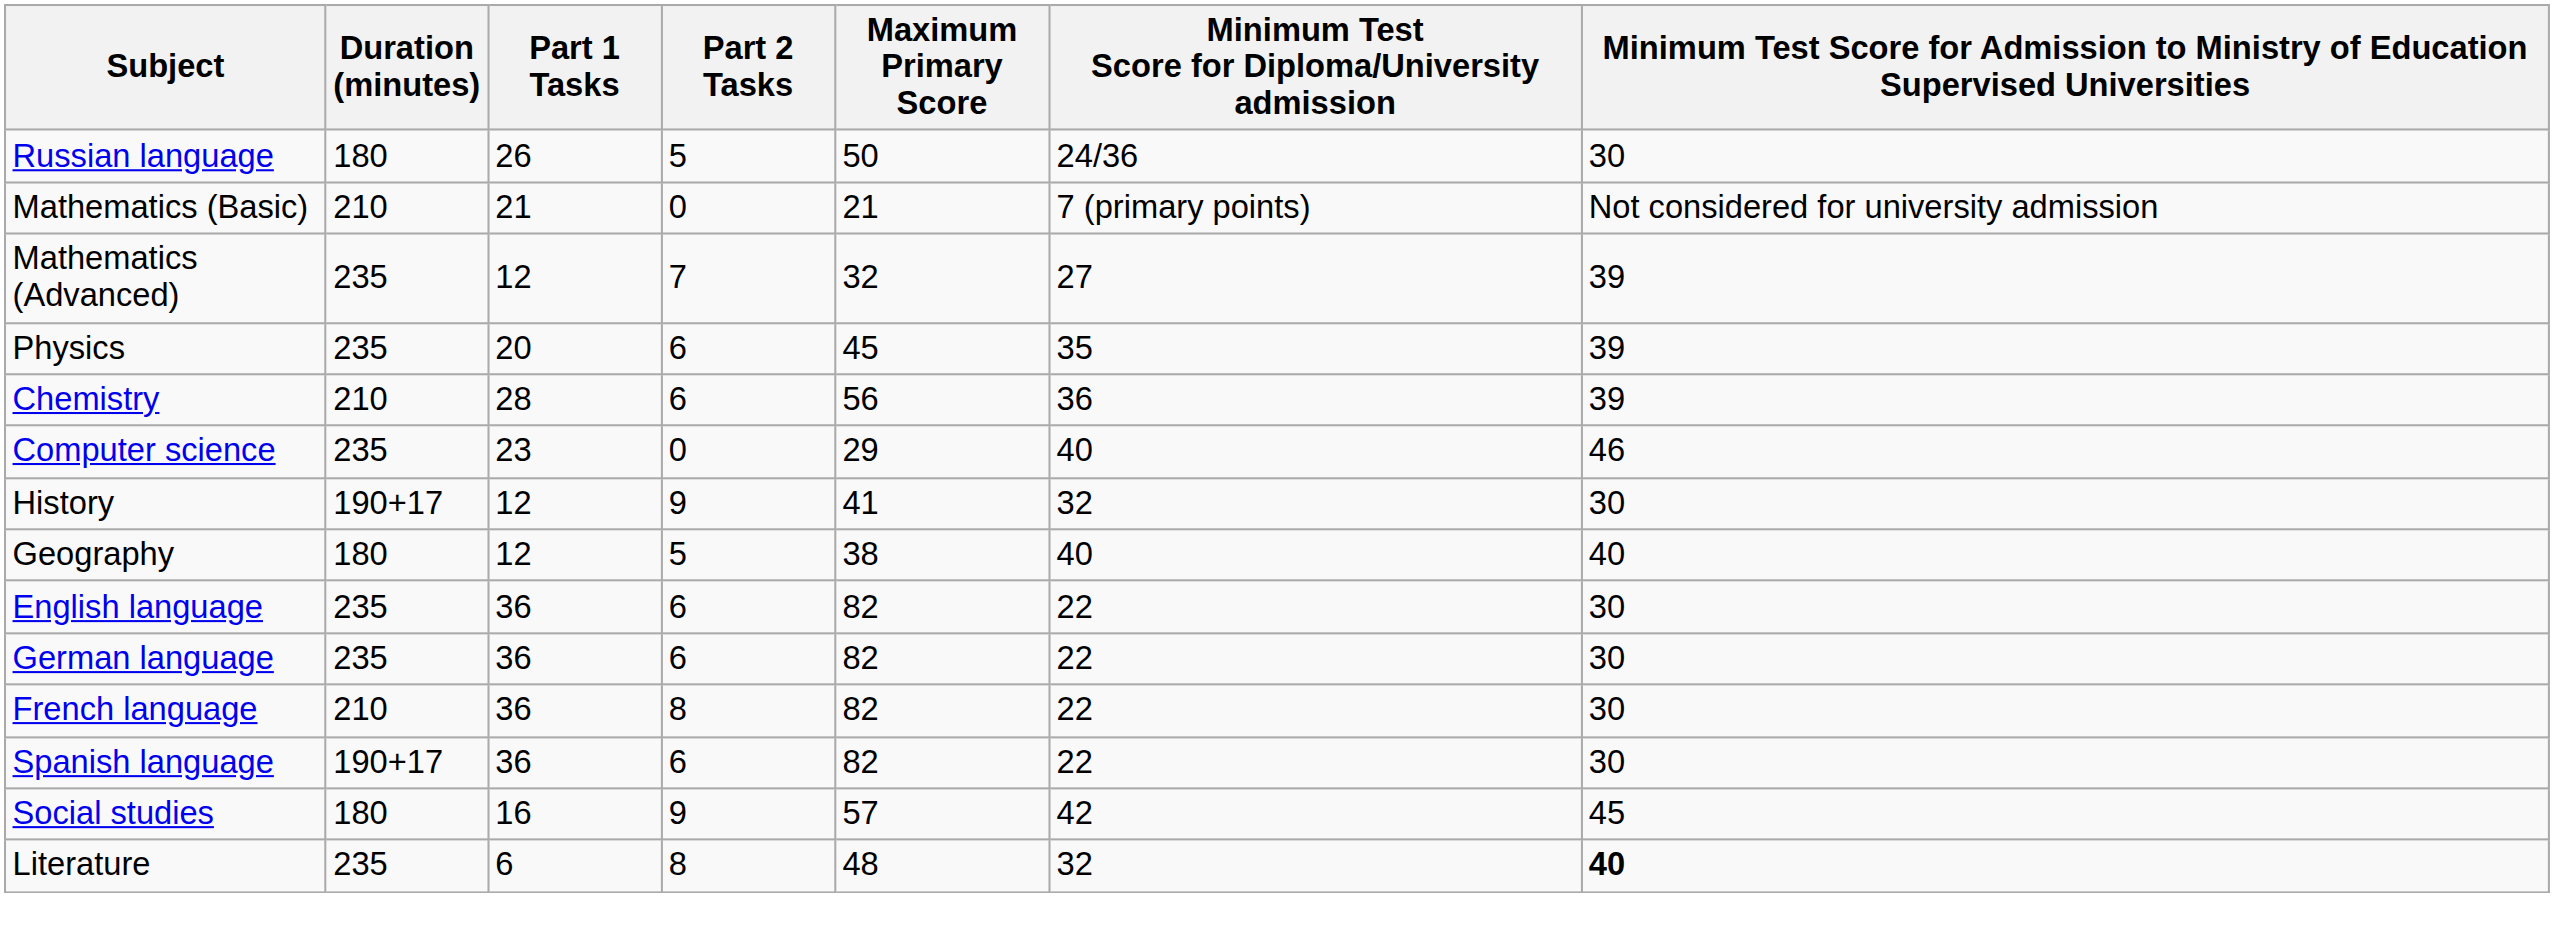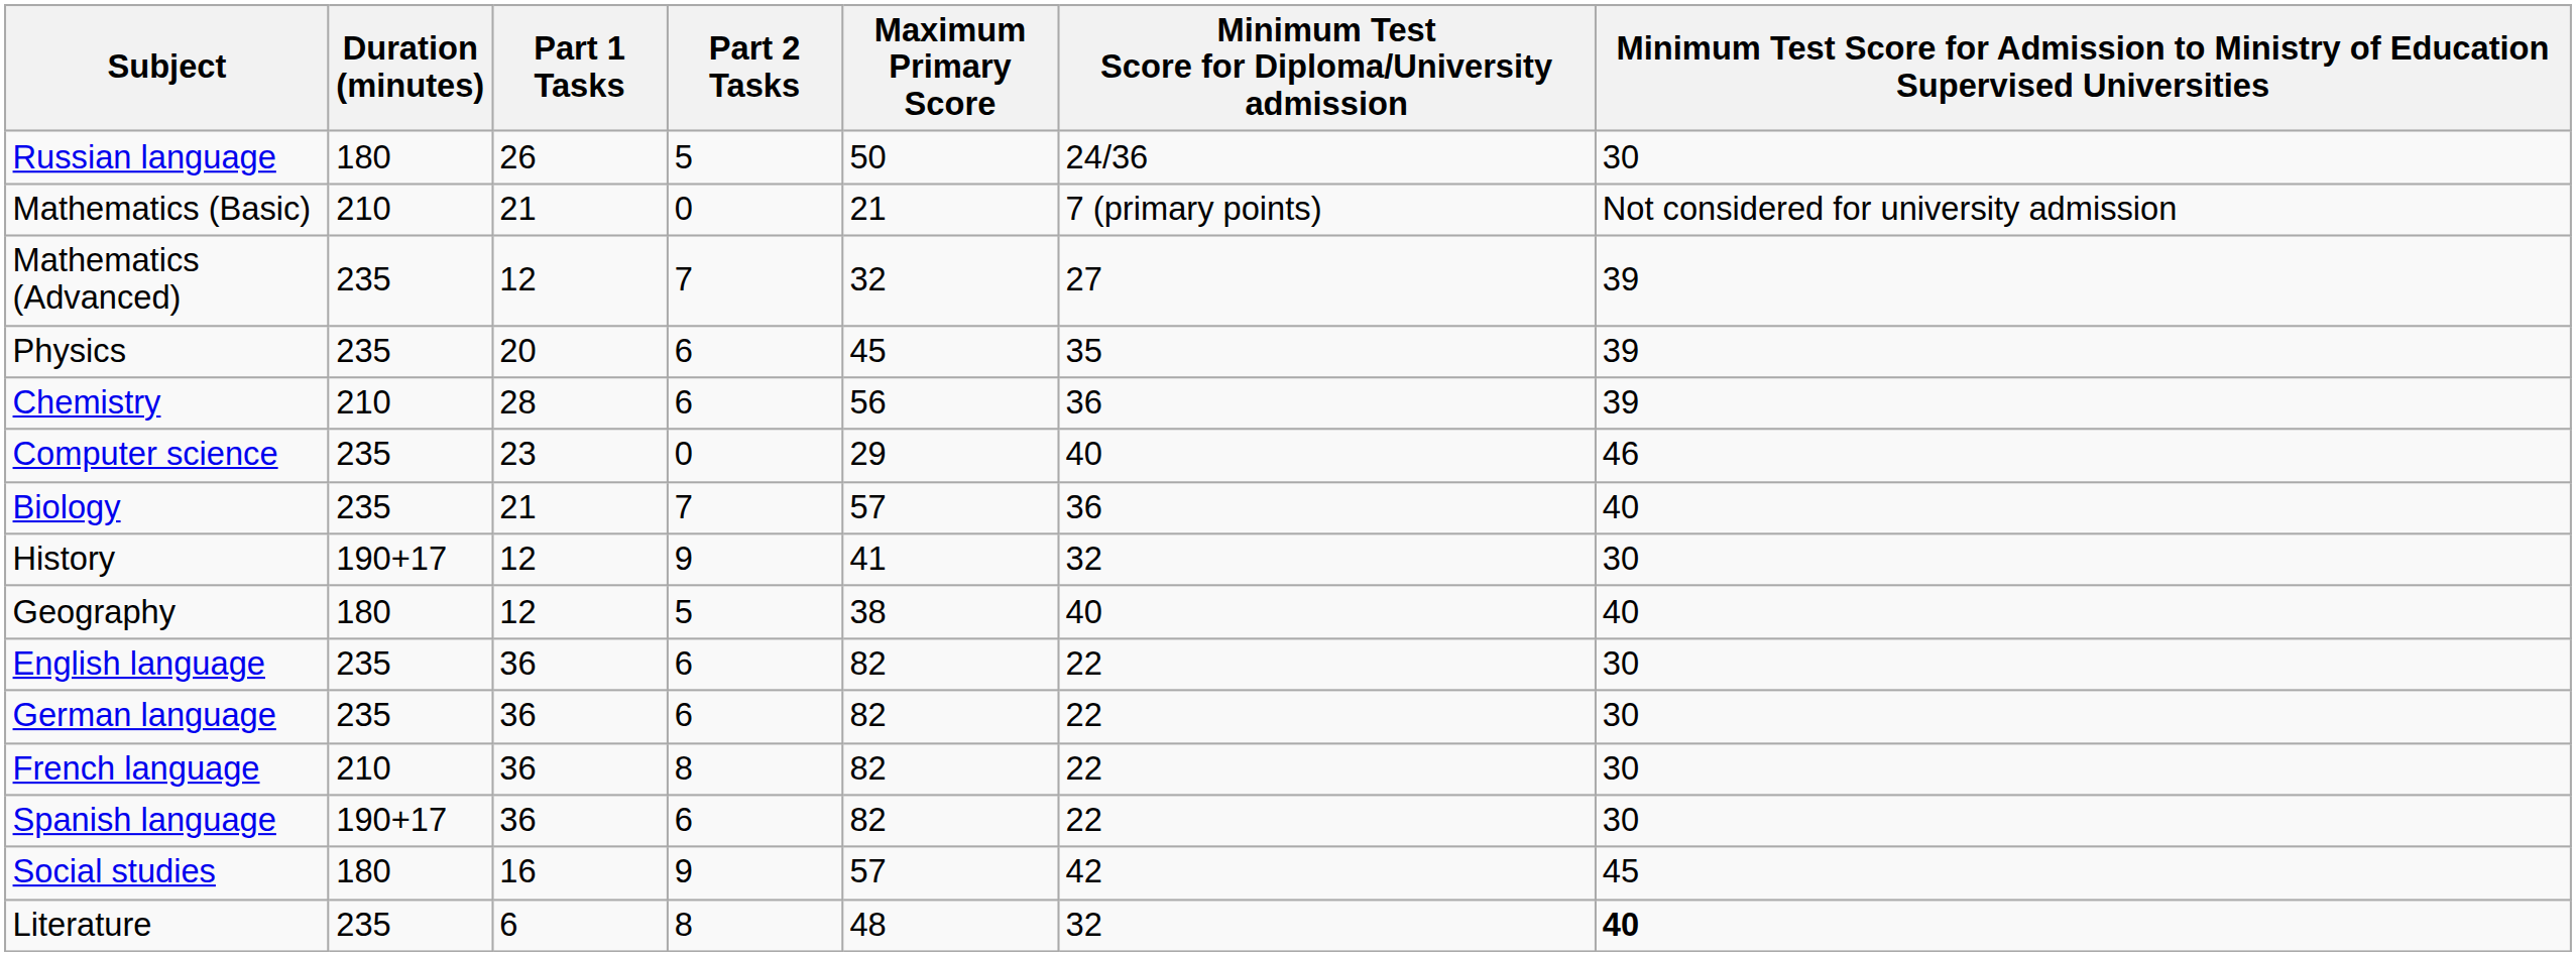 <table class="wikitable">
 <tr>
 <th>Subject</th>
 <th>Duration<br>(minutes)</th>
 <th>Part 1 Tasks</th>
 <th>Part 2 Tasks</th>
 <th>Maximum<br>Primary Score</th>
 <th>Minimum Test<br>Score for Diploma/University admission</th>
 <th>Minimum Test Score for Admission to Ministry of Education Supervised Universities</th>
 </tr>
 <tr>
 <td><a href='#'>Russian language</a></td>
 <td>180</td>
 <td>26</td>
 <td>5</td>
 <td>50</td>
 <td>24/36</td>
 <td>30</td>
 </tr>
 <tr>
 <td>Mathematics (Basic)</td>
 <td>210</td>
 <td>21</td>
 <td>0</td>
 <td>21</td>
 <td>7 (primary points)</td>
 <td>Not considered for university admission</td>
 </tr>
 <tr>
 <td>Mathematics (Advanced)</td>
 <td>235</td>
 <td>12</td>
 <td>7</td>
 <td>32</td>
 <td>27</td>
 <td>39</td>
 </tr>
 <tr>
 <td>Physics</td>
 <td>235</td>
 <td>20</td>
 <td>6</td>
 <td>45</td>
 <td>35</td>
 <td>39</td>
 </tr>
 <tr>
 <td><a href='#'>Chemistry</a></td>
 <td>210</td>
 <td>28</td>
 <td>6</td>
 <td>56</td>
 <td>36</td>
 <td>39</td>
 </tr>
 <tr>
 <td><a href='#'>Computer science</a></td>
 <td>235</td>
 <td>23</td>
 <td>0</td>
 <td>29</td>
 <td>40</td>
 <td>46</td>
+</tr>
+<tr>
+<td><a href='#'>Biology</a></td>
+<td>235</td>
+<td>21</td>
+<td>7</td>
+<td>57</td>
+<td>36</td>
+<td>40</td>
 </tr>
 <tr>
 <td>History</td>
 <td>190+17</td>
 <td>12</td>
 <td>9</td>
 <td>41</td>
 <td>32</td>
 <td>30</td>
 </tr>
 <tr>
 <td>Geography</td>
 <td>180</td>
 <td>12</td>
 <td>5</td>
 <td>38</td>
 <td>40</td>
 <td>40</td>
 </tr>
 <tr>
 <td><a href='#'>English language</a></td>
 <td>235</td>
 <td>36</td>
 <td>6</td>
 <td>82</td>
 <td>22</td>
 <td>30</td>
 </tr>
 <tr>
 <td><a href='#'>German language</a></td>
 <td>235</td>
 <td>36</td>
 <td>6</td>
 <td>82</td>
 <td>22</td>
 <td>30</td>
 </tr>
 <tr>
 <td><a href='#'>French language</a></td>
 <td>210</td>
 <td>36</td>
 <td>8</td>
 <td>82</td>
 <td>22</td>
 <td>30</td>
 </tr>
 <tr>
 <td><a href='#'>Spanish language</a></td>
 <td>190+17</td>
 <td>36</td>
 <td>6</td>
 <td>82</td>
 <td>22</td>
 <td>30</td>
 </tr>
 <tr>
 <td><a href='#'>Social studies</a></td>
 <td>180</td>
 <td>16</td>
 <td>9</td>
 <td>57</td>
 <td>42</td>
 <td>45</td>
 </tr>
 <tr>
 <td>Literature</td>
 <td>235</td>
 <td>6</td>
 <td>8</td>
 <td>48</td>
 <td>32</td>
 <td><strong>40</strong></td>
 </tr>
 </table>
